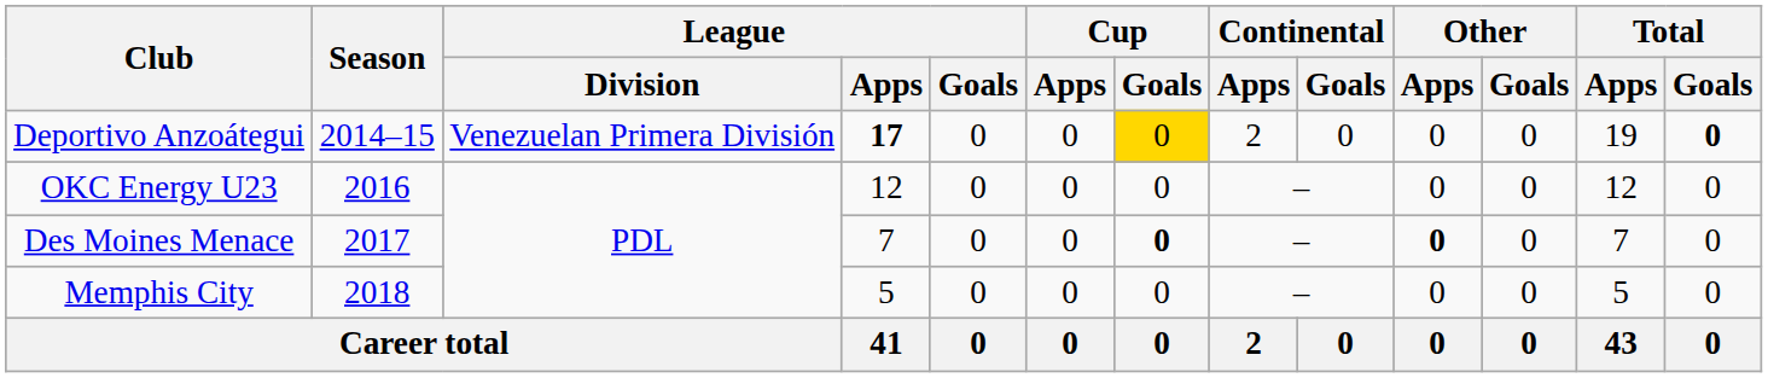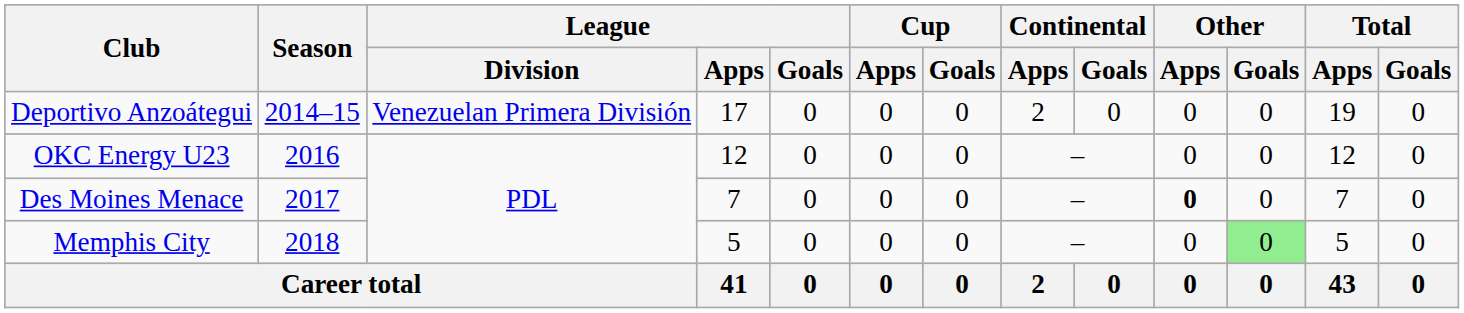 <table class="wikitable" style="text-align: center">
 <tr>
 <th rowspan="2">Club</th>
 <th rowspan="2">Season</th>
 <th colspan="3">League</th>
 <th colspan="2">Cup</th>
 <th colspan="2">Continental</th>
 <th colspan="2">Other</th>
 <th colspan="2">Total</th>
 </tr>
 <tr>
 <th>Division</th>
 <th>Apps</th>
 <th>Goals</th>
 <th>Apps</th>
 <th>Goals</th>
 <th>Apps</th>
 <th>Goals</th>
 <th>Apps</th>
 <th>Goals</th>
 <th>Apps</th>
 <th>Goals</th>
 </tr>
 <tr>
 <td><a href='#'>Deportivo Anzoátegui</a></td>
 <td><a href='#'>2014–15</a></td>
 <td><a href='#'>Venezuelan Primera División</a></td>
-<td><strong>17</strong></td>
+<td>17</td>
 <td>0</td>
 <td>0</td>
-<td style="background: gold;">0</td>
+<td>0</td>
 <td>2</td>
 <td>0</td>
 <td>0</td>
 <td>0</td>
 <td>19</td>
-<td><strong>0</strong></td>
+<td>0</td>
 </tr>
 <tr>
 <td><a href='#'>OKC Energy U23</a></td>
 <td><a href='#'>2016</a></td>
 <td rowspan="3"><a href='#'>PDL</a></td>
 <td>12</td>
 <td>0</td>
 <td>0</td>
 <td>0</td>
 <td colspan="2">–</td>
 <td>0</td>
 <td>0</td>
 <td>12</td>
 <td>0</td>
 </tr>
 <tr>
 <td><a href='#'>Des Moines Menace</a></td>
 <td><a href='#'>2017</a></td>
 <td>7</td>
 <td>0</td>
 <td>0</td>
-<td><strong>0</strong></td>
+<td>0</td>
 <td colspan="2">–</td>
 <td><strong>0</strong></td>
 <td>0</td>
 <td>7</td>
 <td>0</td>
 </tr>
 <tr>
 <td><a href='#'>Memphis City</a></td>
 <td><a href='#'>2018</a></td>
 <td>5</td>
 <td>0</td>
 <td>0</td>
 <td>0</td>
 <td colspan="2">–</td>
 <td>0</td>
-<td>0</td>
+<td style="background: lightgreen;">0</td>
 <td>5</td>
 <td>0</td>
 </tr>
 <tr>
 <th colspan="3"><strong>Career total</strong></th>
 <th>41</th>
 <th>0</th>
 <th>0</th>
 <th>0</th>
 <th>2</th>
 <th>0</th>
 <th>0</th>
 <th>0</th>
 <th>43</th>
 <th>0</th>
 </tr>
 </table>
